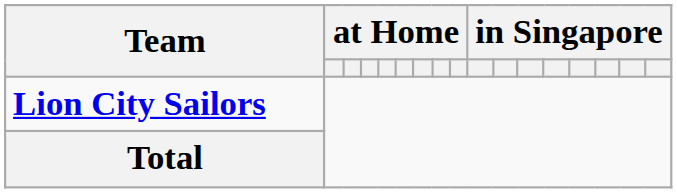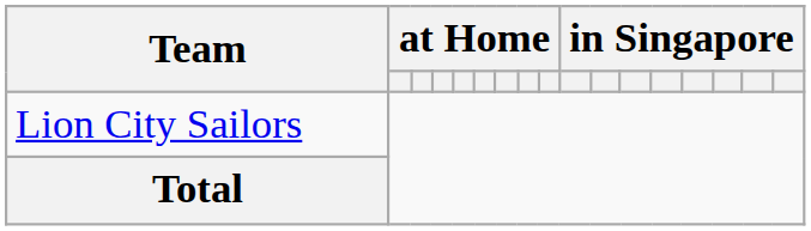 <table class="wikitable plainrowheaders sortable">
 <tr>
 <th width=140px rowspan=2>Team</th>
 <th colspan=8>at Home</th>
 <th colspan=8>in Singapore</th>
 </tr>
 <tr>
 <th></th>
 <th></th>
 <th></th>
 <th></th>
 <th></th>
 <th></th>
 <th></th>
 <th></th>
 <th></th>
 <th></th>
 <th></th>
 <th></th>
 <th></th>
 <th></th>
 <th></th>
 <th></th>
 </tr>
 <tr>
-<td><strong><a href='#'>Lion City Sailors</a><br> </strong></td>
+<td><a href='#'>Lion City Sailors</a><br> </td>
 </tr>
 <tr class="sortbottom">
 <th>Total<br> </th>
 </tr>
 </table>
